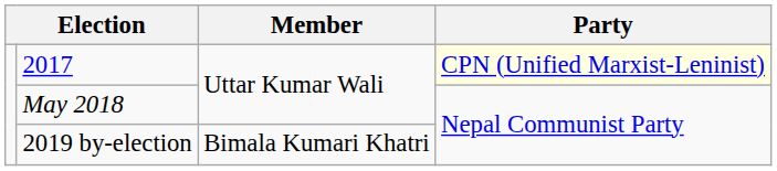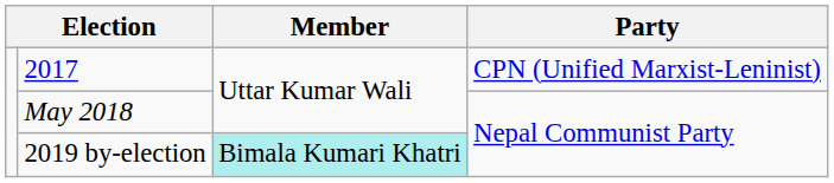 <table class="wikitable">
 <tr>
 <th colspan="2">Election</th>
 <th>Member</th>
 <th>Party</th>
 </tr>
 <tr>
 <td rowspan="3" style="background-color:"></td>
 <td><a href='#'>2017</a></td>
 <td rowspan="2">Uttar Kumar Wali</td>
-<td style="background: lightyellow;"><a href='#'>CPN (Unified Marxist-Leninist)</a></td>
+<td><a href='#'>CPN (Unified Marxist-Leninist)</a></td>
 </tr>
 <tr>
 <td><em>May 2018</em></td>
 <td rowspan="2"><a href='#'>Nepal Communist Party</a></td>
 </tr>
 <tr>
 <td>2019 by-election</td>
-<td>Bimala Kumari Khatri</td>
+<td style="background: paleturquoise;">Bimala Kumari Khatri</td>
 </tr>
 </table>
